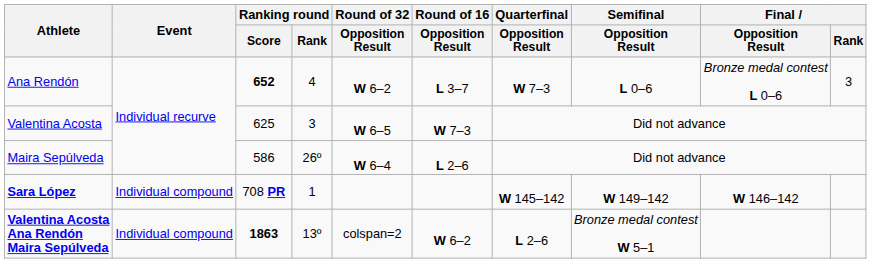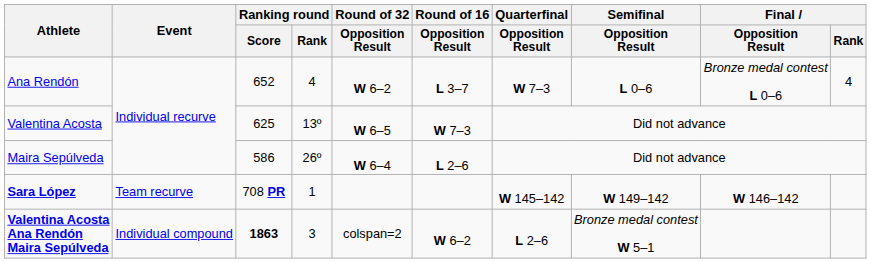 <table class=wikitable style=font-size:90%;text-align:center>
 <tr>
 <th rowspan=2>Athlete</th>
 <th rowspan=2>Event</th>
 <th colspan=2>Ranking round</th>
 <th>Round of 32</th>
 <th>Round of 16</th>
 <th>Quarterfinal</th>
 <th>Semifinal</th>
 <th colspan=2>Final / </th>
 </tr>
 <tr style=font-size:95%>
 <th>Score</th>
 <th>Rank</th>
 <th>Opposition<br>Result</th>
 <th>Opposition<br>Result</th>
 <th>Opposition<br>Result</th>
 <th>Opposition<br>Result</th>
 <th>Opposition<br>Result</th>
 <th>Rank</th>
 </tr>
 <tr>
 <td align=left><a href='#'>Ana Rendón</a></td>
 <td align=left rowspan=3><a href='#'>Individual recurve</a></td>
-<td><strong>652</strong></td>
+<td>652</td>
 <td>4</td>
 <td><br><strong>W</strong> 6–2</td>
 <td><br><strong>L</strong> 3–7</td>
 <td><br><strong>W</strong> 7–3</td>
 <td><br><strong>L</strong> 0–6</td>
 <td><em>Bronze medal contest</em><br><br><strong>L</strong> 0–6</td>
-<td>3</td>
+<td>4</td>
 </tr>
 <tr align=center>
 <td align=left><a href='#'>Valentina Acosta</a></td>
 <td>625</td>
-<td>3</td>
+<td>13º</td>
 <td><br><strong>W</strong> 6–5</td>
 <td><br><strong>W</strong> 7–3</td>
 <td colspan=4>Did not advance</td>
 </tr>
 <tr align=center>
 <td align=left><a href='#'>Maira Sepúlveda</a></td>
 <td>586</td>
 <td>26º</td>
 <td><br><strong>W</strong> 6–4</td>
 <td><br><strong>L</strong> 2–6</td>
 <td colspan=4>Did not advance</td>
 </tr>
 <tr align=center>
 <td align=left><strong><a href='#'>Sara López</a></strong></td>
-<td align=left><a href='#'>Individual compound</a></td>
+<td align=left><a href='#'>Team recurve</a></td>
 <td>708 <strong><a href='#'>PR</a></strong></td>
 <td>1</td>
 <td></td>
 <td></td>
 <td><br><strong>W</strong> 145–142</td>
 <td><br><strong>W</strong> 149–142</td>
 <td><br><strong>W</strong> 146–142</td>
 <td></td>
 </tr>
 <tr align=center>
 <td align=left><strong><a href='#'>Valentina Acosta</a><br><a href='#'>Ana Rendón</a><br><a href='#'>Maira Sepúlveda</a></strong></td>
 <td align=left><a href='#'>Individual compound</a></td>
 <td><strong>1863</strong></td>
-<td>13º</td>
+<td>3</td>
 <td>colspan=2 </td>
 <td><br><strong>W</strong> 6–2</td>
 <td><br><strong>L</strong> 2–6</td>
 <td><em>Bronze medal contest</em><br><br><strong>W</strong> 5–1</td>
 <td></td>
 </tr>
 </table>
